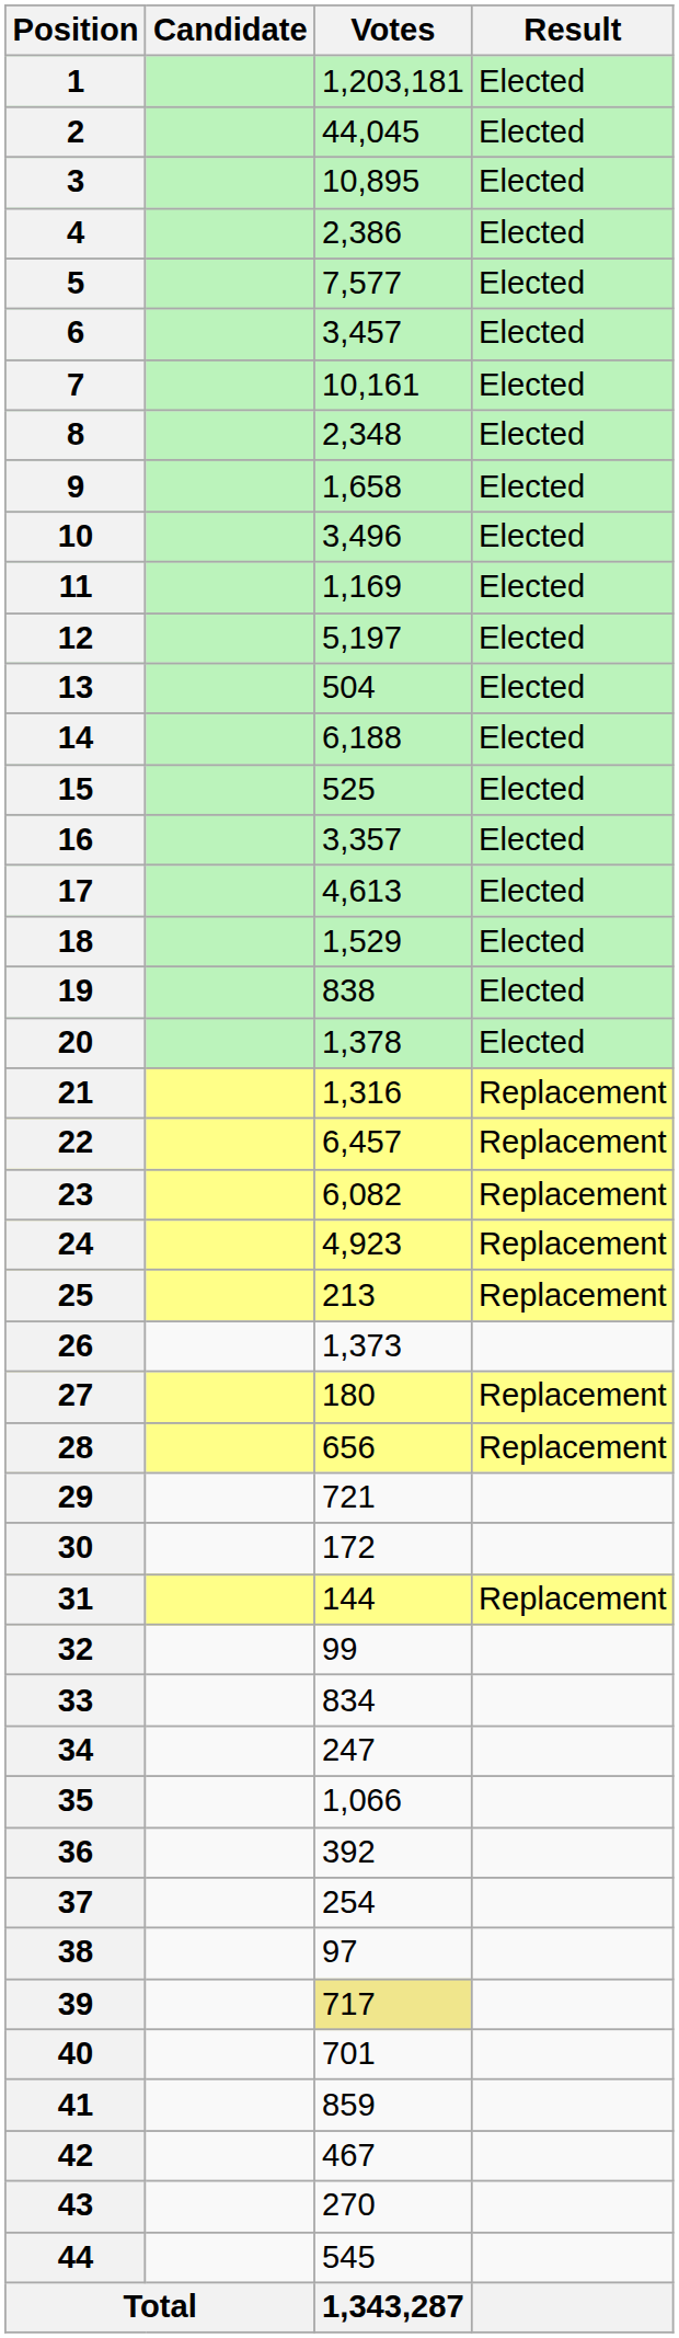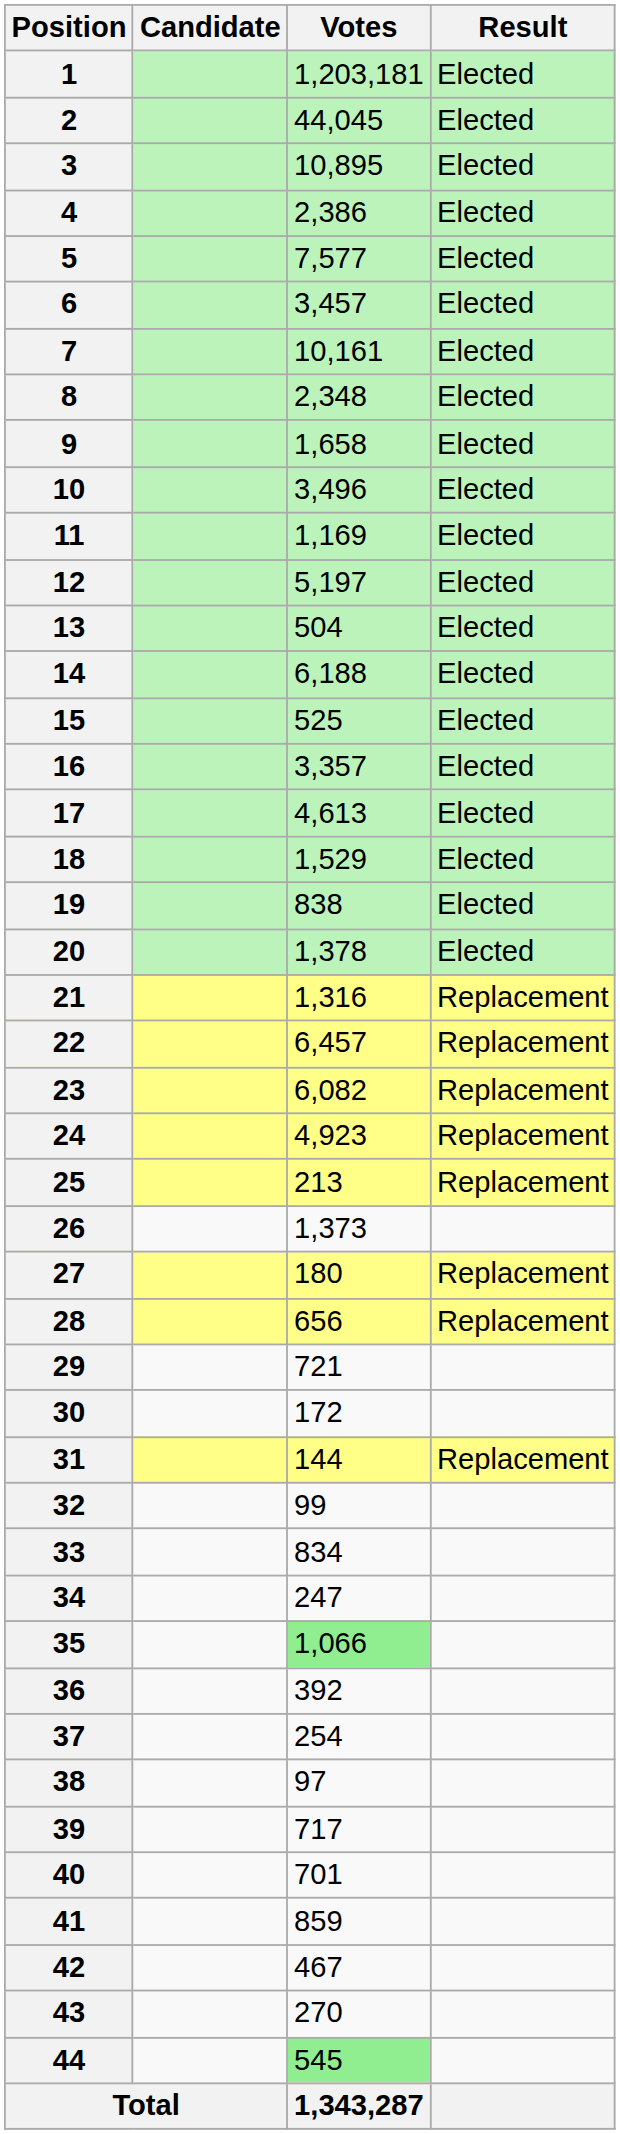 <table class="wikitable sortable col3right">
 <tr>
 <th scope="col">Position</th>
 <th scope="col">Candidate</th>
 <th scope="col">Votes</th>
 <th scope="col">Result</th>
 </tr>
 <tr bgcolor=bbf3bb>
 <th scope="row">1</th>
 <td></td>
 <td>1,203,181</td>
 <td>Elected</td>
 </tr>
 <tr bgcolor=bbf3bb>
 <th scope="row">2</th>
 <td></td>
 <td>44,045</td>
 <td>Elected</td>
 </tr>
 <tr bgcolor=bbf3bb>
 <th scope="row">3</th>
 <td></td>
 <td>10,895</td>
 <td>Elected</td>
 </tr>
 <tr bgcolor=bbf3bb>
 <th scope="row">4</th>
 <td></td>
 <td>2,386</td>
 <td>Elected</td>
 </tr>
 <tr bgcolor=bbf3bb>
 <th scope="row">5</th>
 <td></td>
 <td>7,577</td>
 <td>Elected</td>
 </tr>
 <tr bgcolor=bbf3bb>
 <th scope="row">6</th>
 <td></td>
 <td>3,457</td>
 <td>Elected</td>
 </tr>
 <tr bgcolor=bbf3bb>
 <th scope="row">7</th>
 <td></td>
 <td>10,161</td>
 <td>Elected</td>
 </tr>
 <tr bgcolor=bbf3bb>
 <th scope="row">8</th>
 <td></td>
 <td>2,348</td>
 <td>Elected</td>
 </tr>
 <tr bgcolor=bbf3bb>
 <th scope="row">9</th>
 <td></td>
 <td>1,658</td>
 <td>Elected</td>
 </tr>
 <tr bgcolor=bbf3bb>
 <th scope="row">10</th>
 <td></td>
 <td>3,496</td>
 <td>Elected</td>
 </tr>
 <tr bgcolor=bbf3bb>
 <th scope="row">11</th>
 <td></td>
 <td>1,169</td>
 <td>Elected</td>
 </tr>
 <tr bgcolor=bbf3bb>
 <th scope="row">12</th>
 <td></td>
 <td>5,197</td>
 <td>Elected</td>
 </tr>
 <tr bgcolor=bbf3bb>
 <th scope="row">13</th>
 <td></td>
 <td>504</td>
 <td>Elected</td>
 </tr>
 <tr bgcolor=bbf3bb>
 <th scope="row">14</th>
 <td></td>
 <td>6,188</td>
 <td>Elected</td>
 </tr>
 <tr bgcolor=bbf3bb>
 <th scope="row">15</th>
 <td></td>
 <td>525</td>
 <td>Elected</td>
 </tr>
 <tr bgcolor=bbf3bb>
 <th scope="row">16</th>
 <td></td>
 <td>3,357</td>
 <td>Elected</td>
 </tr>
 <tr bgcolor=bbf3bb>
 <th scope="row">17</th>
 <td></td>
 <td>4,613</td>
 <td>Elected</td>
 </tr>
 <tr bgcolor=bbf3bb>
 <th scope="row">18</th>
 <td></td>
 <td>1,529</td>
 <td>Elected</td>
 </tr>
 <tr bgcolor=bbf3bb>
 <th scope="row">19</th>
 <td></td>
 <td>838</td>
 <td>Elected</td>
 </tr>
 <tr bgcolor=bbf3bb>
 <th scope="row">20</th>
 <td></td>
 <td>1,378</td>
 <td>Elected</td>
 </tr>
 <tr bgcolor=#FF8>
 <th scope="row">21</th>
 <td></td>
 <td>1,316</td>
 <td>Replacement</td>
 </tr>
 <tr bgcolor=#FF8>
 <th scope="row">22</th>
 <td></td>
 <td>6,457</td>
 <td>Replacement</td>
 </tr>
 <tr bgcolor=#FF8>
 <th scope="row">23</th>
 <td></td>
 <td>6,082</td>
 <td>Replacement</td>
 </tr>
 <tr bgcolor=#FF8>
 <th scope="row">24</th>
 <td></td>
 <td>4,923</td>
 <td>Replacement</td>
 </tr>
 <tr bgcolor=#FF8>
 <th scope="row">25</th>
 <td></td>
 <td>213</td>
 <td>Replacement</td>
 </tr>
 <tr>
 <th scope="row">26</th>
 <td></td>
 <td>1,373</td>
 <td></td>
 </tr>
 <tr bgcolor=#FF8>
 <th scope="row">27</th>
 <td></td>
 <td>180</td>
 <td>Replacement</td>
 </tr>
 <tr bgcolor=#FF8>
 <th scope="row">28</th>
 <td></td>
 <td>656</td>
 <td>Replacement</td>
 </tr>
 <tr>
 <th scope="row">29</th>
 <td></td>
 <td>721</td>
 <td></td>
 </tr>
 <tr>
 <th scope="row">30</th>
 <td></td>
 <td>172</td>
 <td></td>
 </tr>
 <tr bgcolor=#FF8>
 <th scope="row">31</th>
 <td></td>
 <td>144</td>
 <td>Replacement</td>
 </tr>
 <tr>
 <th scope="row">32</th>
 <td></td>
 <td>99</td>
 <td></td>
 </tr>
 <tr>
 <th scope="row">33</th>
 <td></td>
 <td>834</td>
 <td></td>
 </tr>
 <tr>
 <th scope="row">34</th>
 <td></td>
 <td>247</td>
 <td></td>
 </tr>
 <tr>
 <th scope="row">35</th>
 <td></td>
-<td>1,066</td>
+<td style="background: lightgreen;">1,066</td>
 <td></td>
 </tr>
 <tr>
 <th scope="row">36</th>
 <td></td>
 <td>392</td>
 <td></td>
 </tr>
 <tr>
 <th scope="row">37</th>
 <td></td>
 <td>254</td>
 <td></td>
 </tr>
 <tr>
 <th scope="row">38</th>
 <td></td>
 <td>97</td>
 <td></td>
 </tr>
 <tr>
 <th scope="row">39</th>
 <td></td>
-<td style="background: khaki;">717</td>
+<td>717</td>
 <td></td>
 </tr>
 <tr>
 <th scope="row">40</th>
 <td></td>
 <td>701</td>
 <td></td>
 </tr>
 <tr>
 <th scope="row">41</th>
 <td></td>
 <td>859</td>
 <td></td>
 </tr>
 <tr>
 <th scope="row">42</th>
 <td></td>
 <td>467</td>
 <td></td>
 </tr>
 <tr>
 <th scope="row">43</th>
 <td></td>
 <td>270</td>
 <td></td>
 </tr>
 <tr>
 <th scope="row">44</th>
 <td></td>
-<td>545</td>
+<td style="background: lightgreen;">545</td>
 <td></td>
 </tr>
 <tr class=sortbottom>
 <th scope="row" colspan="2">Total</th>
 <th style="text-align:right">1,343,287</th>
 <th></th>
 </tr>
 </table>
